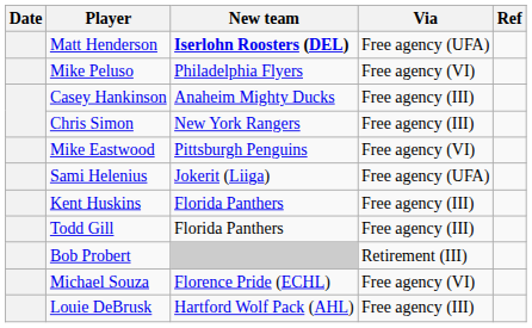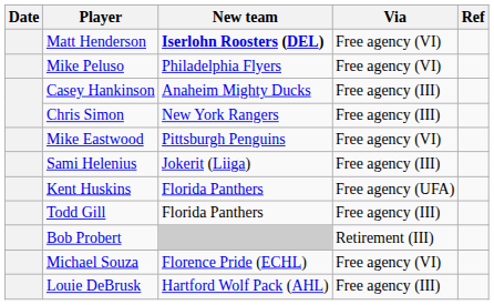 <table class="wikitable plainrowheaders">
 <tr style="background:#ddd; text-align:center;">
 <th>Date</th>
 <th>Player</th>
 <th>New team</th>
 <th>Via</th>
 <th>Ref</th>
 </tr>
 <tr>
 <th scope="row"></th>
 <td><a href='#'>Matt Henderson</a></td>
 <td><strong><a href='#'>Iserlohn Roosters</a> (<a href='#'>DEL</a>)</strong></td>
-<td>Free agency (UFA)</td>
+<td>Free agency (VI)</td>
 <td></td>
 </tr>
 <tr>
 <th scope="row"></th>
 <td><a href='#'>Mike Peluso</a></td>
 <td><a href='#'>Philadelphia Flyers</a></td>
 <td>Free agency (VI)</td>
 <td></td>
 </tr>
 <tr>
 <th scope="row" rowspan=2></th>
 <td><a href='#'>Casey Hankinson</a></td>
 <td><a href='#'>Anaheim Mighty Ducks</a></td>
 <td>Free agency (III)</td>
 <td></td>
 </tr>
 <tr>
 <td><a href='#'>Chris Simon</a></td>
 <td><a href='#'>New York Rangers</a></td>
 <td>Free agency (III)</td>
 <td></td>
 </tr>
 <tr>
 <th scope="row"></th>
 <td><a href='#'>Mike Eastwood</a></td>
 <td><a href='#'>Pittsburgh Penguins</a></td>
 <td>Free agency (VI)</td>
 <td></td>
 </tr>
 <tr>
 <th scope="row"></th>
 <td><a href='#'>Sami Helenius</a></td>
 <td><a href='#'>Jokerit</a> (<a href='#'>Liiga</a>)</td>
-<td>Free agency (UFA)</td>
+<td>Free agency (III)</td>
 <td></td>
 </tr>
 <tr>
 <th scope="row"></th>
 <td><a href='#'>Kent Huskins</a></td>
 <td><a href='#'>Florida Panthers</a></td>
-<td>Free agency (III)</td>
+<td>Free agency (UFA)</td>
 <td></td>
 </tr>
 <tr>
 <th scope="row"></th>
 <td><a href='#'>Todd Gill</a></td>
 <td>Florida Panthers</td>
 <td>Free agency (III)</td>
 <td></td>
 </tr>
 <tr>
 <th scope="row"></th>
 <td><a href='#'>Bob Probert</a></td>
 <td style="background:#ccc"></td>
 <td>Retirement (III)</td>
 <td></td>
 </tr>
 <tr>
 <th scope="row"></th>
 <td><a href='#'>Michael Souza</a></td>
 <td><a href='#'>Florence Pride</a> (<a href='#'>ECHL</a>)</td>
 <td>Free agency (VI)</td>
 <td></td>
 </tr>
 <tr>
 <th scope="row"></th>
 <td><a href='#'>Louie DeBrusk</a></td>
 <td><a href='#'>Hartford Wolf Pack</a> (<a href='#'>AHL</a>)</td>
 <td>Free agency (III)</td>
 <td></td>
 </tr>
 </table>
